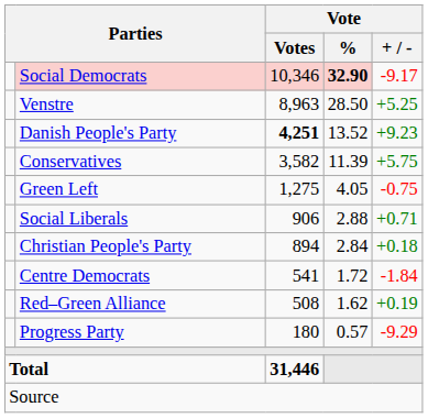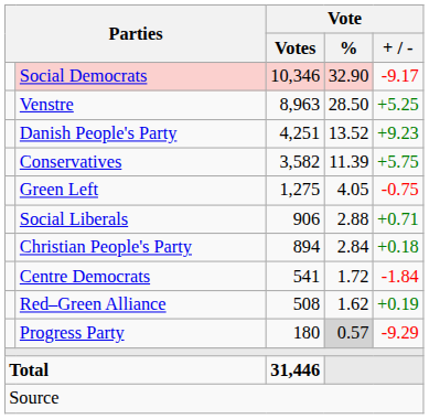 <table class="wikitable" style="text-align:right;">
 <tr>
 <th style="text-align:centre;" rowspan="2" colspan="2" width="225">Parties</th>
 <th colspan="3">Vote</th>
 </tr>
 <tr>
 <th width="15">Votes</th>
 <th width="15">%</th>
 <th width="15">+ / -</th>
 </tr>
 <tr>
 <td width="2" style="color:inherit;background:"></td>
 <td bgcolor=#fbd0ce  align="left"><a href='#'>Social Democrats</a></td>
 <td bgcolor=#fbd0ce>10,346</td>
-<td bgcolor=#fbd0ce><strong>32.90</strong></td>
+<td bgcolor=#fbd0ce>32.90</td>
 <td style=color:red;>-9.17</td>
 </tr>
 <tr>
 <td width="2" style="color:inherit;background:"></td>
 <td align="left"><a href='#'>Venstre</a></td>
 <td>8,963</td>
 <td>28.50</td>
 <td style=color:green;>+5.25</td>
 </tr>
 <tr>
 <td width="2" style="color:inherit;background:"></td>
 <td align="left"><a href='#'>Danish People's Party</a></td>
-<td><strong>4,251</strong></td>
+<td>4,251</td>
 <td>13.52</td>
 <td style=color:green;>+9.23</td>
 </tr>
 <tr>
 <td width="2" style="color:inherit;background:"></td>
 <td align="left"><a href='#'>Conservatives</a></td>
 <td>3,582</td>
 <td>11.39</td>
 <td style=color:green;>+5.75</td>
 </tr>
 <tr>
 <td width="2" style="color:inherit;background:"></td>
 <td align="left"><a href='#'>Green Left</a></td>
 <td>1,275</td>
 <td>4.05</td>
 <td style=color:red;>-0.75</td>
 </tr>
 <tr>
 <td width="2" style="color:inherit;background:"></td>
 <td align="left"><a href='#'>Social Liberals</a></td>
 <td>906</td>
 <td>2.88</td>
 <td style=color:green;>+0.71</td>
 </tr>
 <tr>
 <td width="2" style="color:inherit;background:"></td>
 <td align="left"><a href='#'>Christian People's Party</a></td>
 <td>894</td>
 <td>2.84</td>
 <td style=color:green;>+0.18</td>
 </tr>
 <tr>
 <td width="2" style="color:inherit;background:"></td>
 <td align="left"><a href='#'>Centre Democrats</a></td>
 <td>541</td>
 <td>1.72</td>
 <td style=color:red;>-1.84</td>
 </tr>
 <tr>
 <td width="2" style="color:inherit;background:"></td>
 <td align="left"><a href='#'>Red–Green Alliance</a></td>
 <td>508</td>
 <td>1.62</td>
 <td style=color:green;>+0.19</td>
 </tr>
 <tr>
 <td width="2" style="color:inherit;background:"></td>
 <td align="left"><a href='#'>Progress Party</a></td>
 <td>180</td>
-<td>0.57</td>
+<td style="background: lightgrey;">0.57</td>
 <td style=color:red;>-9.29</td>
 </tr>
 <tr>
 <td colspan="7" bgcolor="#E9E9E9"></td>
 </tr>
 <tr>
 <td align="left" colspan="2"><strong>Total</strong></td>
 <td><strong>31,446</strong></td>
 <td bgcolor="#E9E9E9" colspan="2"></td>
 </tr>
 <tr>
 <td align="left" colspan="6">Source</td>
 </tr>
 </table>
